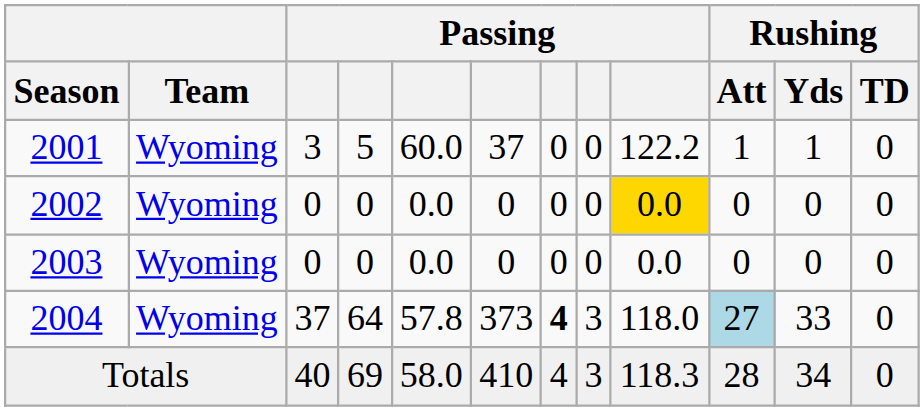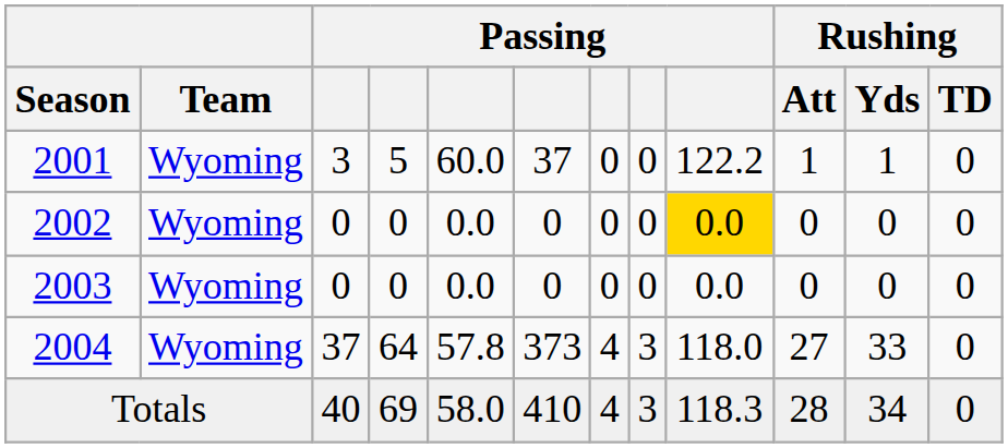 <table class="wikitable sortable" style="text-align:center">
 <tr>
 <th colspan=2> </th>
 <th colspan=7>Passing</th>
 <th colspan=3>Rushing</th>
 </tr>
 <tr>
 <th>Season</th>
 <th>Team</th>
 <th></th>
 <th></th>
 <th></th>
 <th></th>
 <th></th>
 <th></th>
 <th></th>
 <th align="center">Att</th>
 <th>Yds</th>
 <th>TD</th>
 </tr>
 <tr>
 <td><a href='#'>2001</a></td>
 <td><a href='#'>Wyoming</a></td>
 <td>3</td>
 <td>5</td>
 <td>60.0</td>
 <td>37</td>
 <td>0</td>
 <td>0</td>
 <td>122.2</td>
 <td>1</td>
 <td>1</td>
 <td>0</td>
 </tr>
 <tr>
 <td><a href='#'>2002</a></td>
 <td><a href='#'>Wyoming</a></td>
 <td>0</td>
 <td>0</td>
 <td>0.0</td>
 <td>0</td>
 <td>0</td>
 <td>0</td>
 <td style="background: gold;">0.0</td>
 <td>0</td>
 <td>0</td>
 <td>0</td>
 </tr>
 <tr>
 <td><a href='#'>2003</a></td>
 <td><a href='#'>Wyoming</a></td>
 <td>0</td>
 <td>0</td>
 <td>0.0</td>
 <td>0</td>
 <td>0</td>
 <td>0</td>
 <td>0.0</td>
 <td>0</td>
 <td>0</td>
 <td>0</td>
 </tr>
 <tr>
 <td><a href='#'>2004</a></td>
 <td><a href='#'>Wyoming</a></td>
 <td>37</td>
 <td>64</td>
 <td>57.8</td>
 <td>373</td>
-<td><strong>4</strong></td>
+<td>4</td>
 <td>3</td>
 <td>118.0</td>
-<td style="background: lightblue;">27</td>
+<td>27</td>
 <td>33</td>
 <td>0</td>
 </tr>
 <tr class="sortbottom" style="background:#f0f0f0;">
 <td colspan=2>Totals</td>
 <td>40</td>
 <td>69</td>
 <td>58.0</td>
 <td>410</td>
 <td>4</td>
 <td>3</td>
 <td>118.3</td>
 <td>28</td>
 <td>34</td>
 <td>0</td>
 </tr>
 </table>
